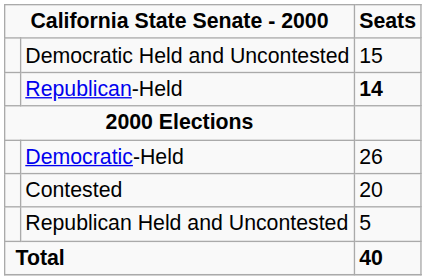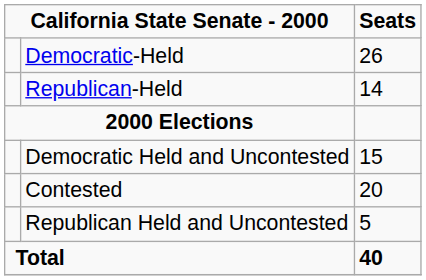 <table class="wikitable">
 <tr>
 <td colspan="2" rowspan="1" align="center" valign="top"><strong>California State Senate - 2000</strong></td>
 <td valign="top"><strong>Seats</strong><br></td>
 </tr>
 <tr>
 <td style="background-color:"> </td>
-<td>Democratic Held and Uncontested</td>
-<td>15</td>
+<td><a href='#'>Democratic</a>-Held</td>
+<td>26</td>
 </tr>
 <tr>
 <td style="background-color:"> </td>
 <td><a href='#'>Republican</a>-Held</td>
-<td><strong>14</strong></td>
+<td>14</td>
 </tr>
 <tr>
 <td colspan="2" rowspan="1" align="center"><strong>2000 Elections</strong></td>
 </tr>
 <tr>
 <td style="background-color:"> </td>
-<td><a href='#'>Democratic</a>-Held</td>
-<td>26</td>
+<td>Democratic Held and Uncontested</td>
+<td>15</td>
 </tr>
 <tr>
 <td style="background-color:"> </td>
 <td>Contested</td>
 <td>20</td>
 </tr>
 <tr>
 <td style="background-color:"> </td>
 <td>Republican Held and Uncontested</td>
 <td>5</td>
 </tr>
 <tr>
 <td colspan="2" rowspan="1"> <strong>Total</strong><br></td>
 <td><strong>40</strong></td>
 </tr>
 <tr>
 </tr>
 </table>
